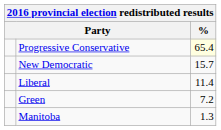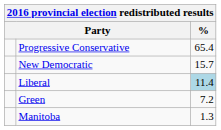 <table class="wikitable">
 <tr>
 <th colspan="4"><a href='#'>2016 provincial election</a> redistributed results</th>
 </tr>
 <tr>
 <th bgcolor="#DDDDFF" width="130px" colspan="2">Party</th>
 <th bgcolor="#DDDDFF" width="30px">%</th>
 </tr>
 <tr>
 <td> </td>
 <td><a href='#'>Progressive Conservative</a></td>
-<td align=right style="background: lightyellow;">65.4</td>
+<td align=right>65.4</td>
 </tr>
 <tr>
 <td> </td>
 <td><a href='#'>New Democratic</a></td>
 <td align=right>15.7</td>
 </tr>
 <tr>
 <td> </td>
 <td><a href='#'>Liberal</a></td>
-<td align=right>11.4</td>
+<td align=right style="background: lightblue;">11.4</td>
 </tr>
 <tr>
 <td> </td>
 <td><a href='#'>Green</a></td>
 <td align=right>7.2</td>
 </tr>
 <tr>
 <td> </td>
 <td><a href='#'>Manitoba</a></td>
 <td align=right>1.3</td>
 </tr>
 </table>
